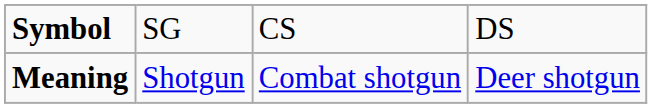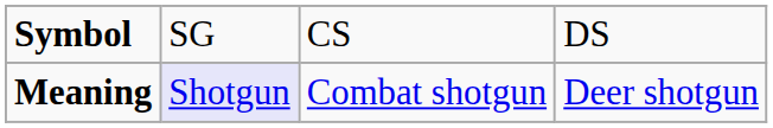 <table class="wikitable">
 <tr>
 <td><strong>Symbol</strong></td>
 <td>SG</td>
 <td>CS</td>
 <td>DS</td>
 </tr>
 <tr>
 <td><strong>Meaning</strong></td>
-<td><a href='#'>Shotgun</a></td>
+<td style="background: lavender;"><a href='#'>Shotgun</a></td>
 <td><a href='#'>Combat shotgun</a></td>
 <td><a href='#'>Deer shotgun</a></td>
 </tr>
 </table>
